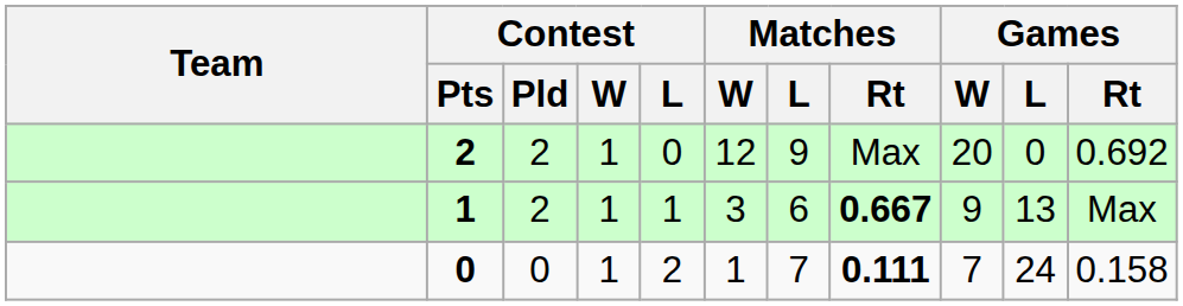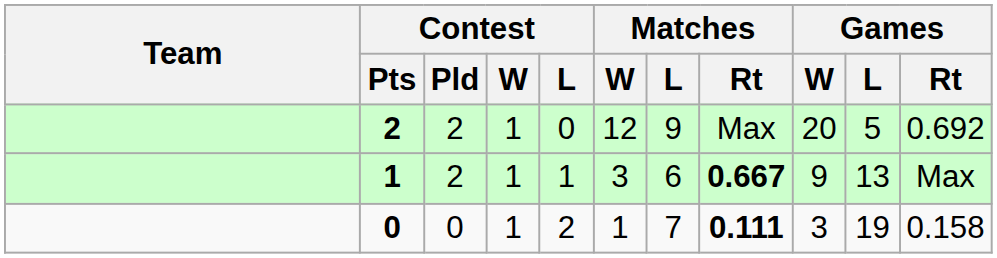 <table class=wikitable style="text-align:center">
 <tr>
 <th width=175 rowspan=2>Team</th>
 <th colspan=4>Contest</th>
 <th colspan=3>Matches</th>
 <th colspan=3>Games</th>
 </tr>
 <tr>
 <th width=20>Pts</th>
 <th width=20>Pld</th>
 <th width=20>W</th>
 <th width=20>L</th>
 <th width=20>W</th>
 <th width=20>L</th>
 <th width=20>Rt</th>
 <th width=20>W</th>
 <th width=20>L</th>
 <th width=20>Rt</th>
 </tr>
 <tr bgcolor=ccffcc>
 <td style="text-align:left"></td>
 <td><strong>2</strong></td>
 <td>2</td>
 <td>1</td>
 <td>0</td>
 <td>12</td>
 <td>9</td>
 <td>Max</td>
 <td>20</td>
-<td>0</td>
+<td>5</td>
 <td>0.692</td>
 </tr>
 <tr bgcolor=ccffcc>
 <td style="text-align:left"></td>
 <td><strong>1</strong></td>
 <td>2</td>
 <td>1</td>
 <td>1</td>
 <td>3</td>
 <td>6</td>
 <td><strong>0.667</strong></td>
 <td>9</td>
 <td>13</td>
 <td>Max</td>
 </tr>
 <tr>
 <td style="text-align:left"></td>
 <td><strong>0</strong></td>
 <td>0</td>
 <td>1</td>
 <td>2</td>
 <td>1</td>
 <td>7</td>
 <td><strong>0.111</strong></td>
-<td>7</td>
-<td>24</td>
+<td>3</td>
+<td>19</td>
 <td>0.158</td>
 </tr>
 </table>
